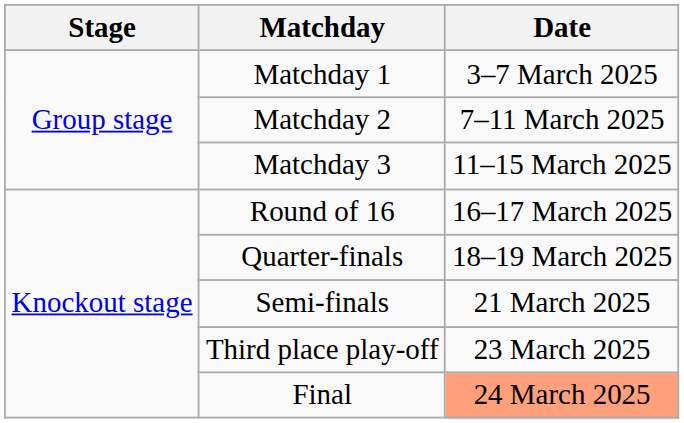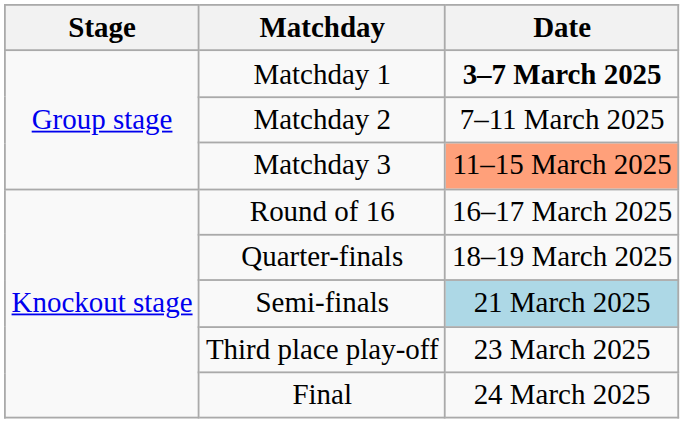 <table class="wikitable" style="text-align:center">
 <tr>
 <th>Stage</th>
 <th>Matchday</th>
 <th>Date</th>
 </tr>
 <tr>
 <td rowspan="3"><a href='#'>Group stage</a></td>
 <td>Matchday 1</td>
-<td>3–7 March 2025</td>
+<td><strong>3–7 March 2025</strong></td>
 </tr>
 <tr>
 <td>Matchday 2</td>
 <td>7–11 March 2025</td>
 </tr>
 <tr>
 <td>Matchday 3</td>
-<td>11–15 March 2025</td>
+<td style="background: lightsalmon;">11–15 March 2025</td>
 </tr>
 <tr>
 <td rowspan="5"><a href='#'>Knockout stage</a></td>
 <td>Round of 16</td>
 <td>16–17 March 2025</td>
 </tr>
 <tr>
 <td>Quarter-finals</td>
 <td>18–19 March 2025</td>
 </tr>
 <tr>
 <td>Semi-finals</td>
-<td>21 March 2025</td>
+<td style="background: lightblue;">21 March 2025</td>
 </tr>
 <tr>
 <td>Third place play-off</td>
 <td>23 March 2025</td>
 </tr>
 <tr>
 <td>Final</td>
-<td style="background: lightsalmon;">24 March 2025</td>
+<td>24 March 2025</td>
 </tr>
 </table>
